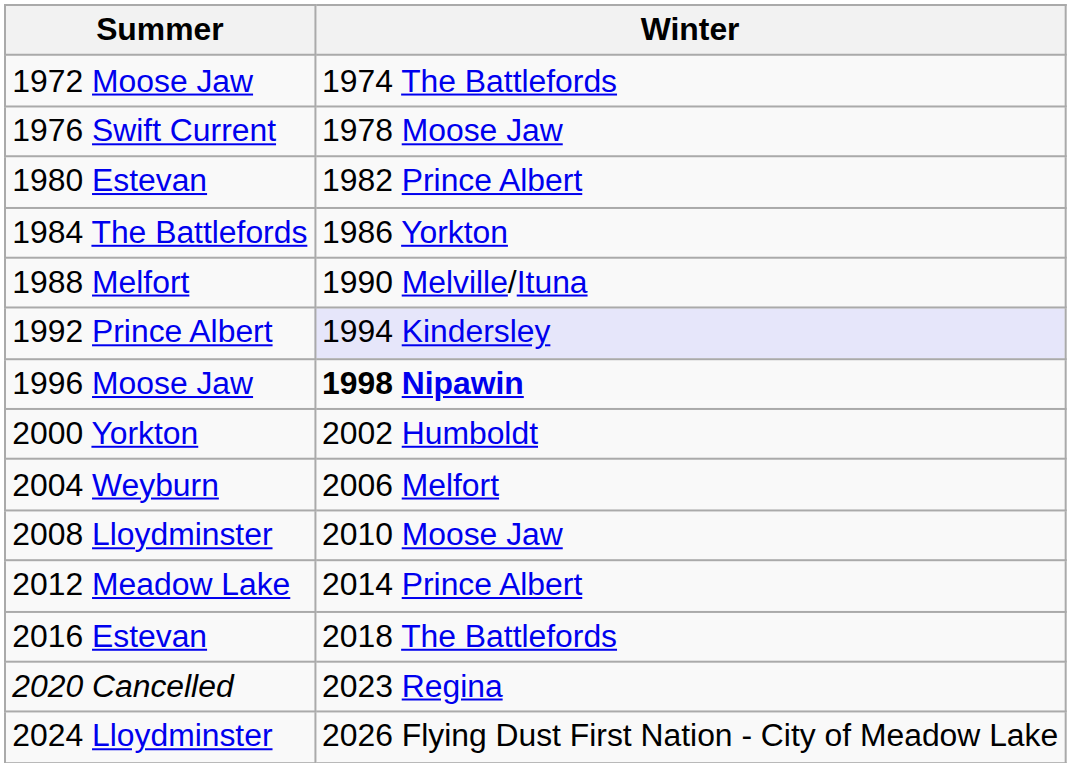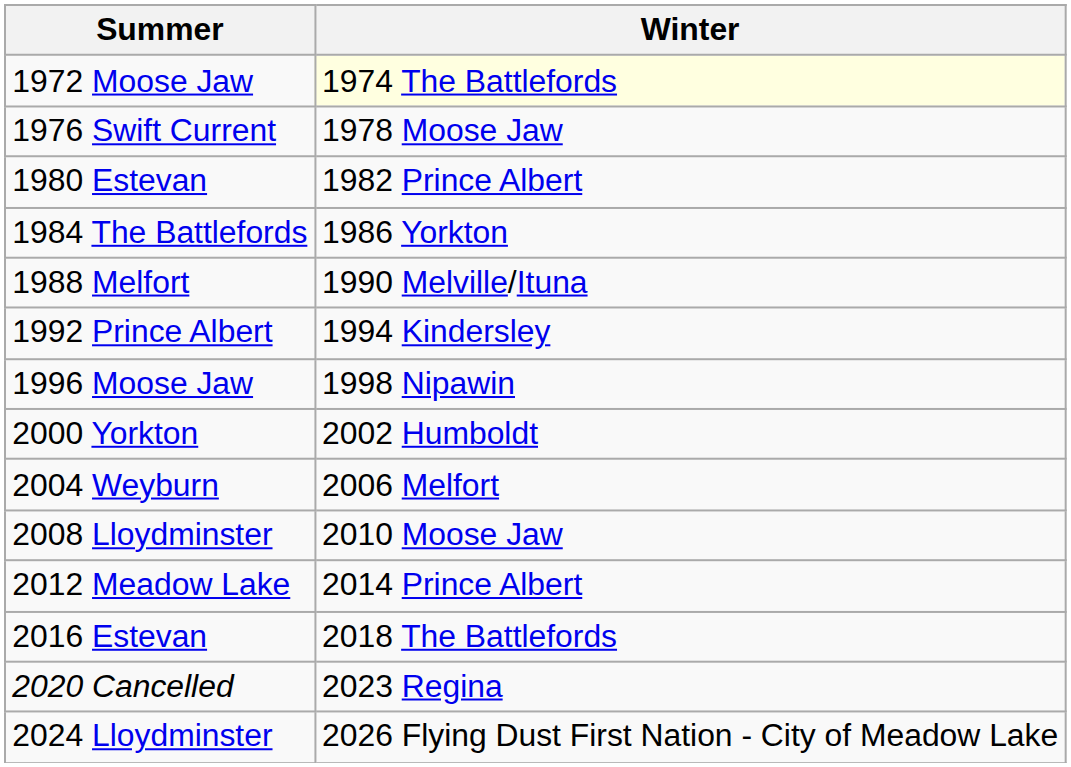 <table class="wikitable" rules="cols" cellpadding="2">
 <tr>
 <th align="center">Summer</th>
 <th align="center">Winter</th>
 </tr>
 <tr>
 <td>1972 <a href='#'>Moose Jaw</a></td>
-<td>1974 <a href='#'>The Battlefords</a></td>
+<td style="background: lightyellow;">1974 <a href='#'>The Battlefords</a></td>
 </tr>
 <tr>
 <td>1976 <a href='#'>Swift Current</a></td>
 <td>1978 <a href='#'>Moose Jaw</a></td>
 </tr>
 <tr>
 <td>1980 <a href='#'>Estevan</a></td>
 <td>1982 <a href='#'>Prince Albert</a></td>
 </tr>
 <tr>
 <td>1984 <a href='#'>The Battlefords</a></td>
 <td>1986 <a href='#'>Yorkton</a></td>
 </tr>
 <tr>
 <td>1988 <a href='#'>Melfort</a></td>
 <td>1990 <a href='#'>Melville</a>/<a href='#'>Ituna</a></td>
 </tr>
 <tr>
 <td>1992 <a href='#'>Prince Albert</a></td>
-<td style="background: lavender;">1994 <a href='#'>Kindersley</a></td>
+<td>1994 <a href='#'>Kindersley</a></td>
 </tr>
 <tr>
 <td>1996 <a href='#'>Moose Jaw</a></td>
-<td><strong>1998 <a href='#'>Nipawin</a></strong></td>
+<td>1998 <a href='#'>Nipawin</a></td>
 </tr>
 <tr>
 <td>2000 <a href='#'>Yorkton</a></td>
 <td>2002 <a href='#'>Humboldt</a></td>
 </tr>
 <tr>
 <td>2004 <a href='#'>Weyburn</a></td>
 <td>2006 <a href='#'>Melfort</a></td>
 </tr>
 <tr>
 <td>2008 <a href='#'>Lloydminster</a></td>
 <td>2010 <a href='#'>Moose Jaw</a></td>
 </tr>
 <tr>
 <td>2012 <a href='#'>Meadow Lake</a></td>
 <td>2014 <a href='#'>Prince Albert</a></td>
 </tr>
 <tr>
 <td>2016 <a href='#'>Estevan</a></td>
 <td>2018 <a href='#'>The Battlefords</a></td>
 </tr>
 <tr>
 <td><em>2020 Cancelled</em></td>
 <td>2023 <a href='#'>Regina</a></td>
 </tr>
 <tr>
 <td>2024 <a href='#'>Lloydminster</a></td>
 <td>2026 Flying Dust First Nation - City of Meadow Lake</td>
 </tr>
 </table>
